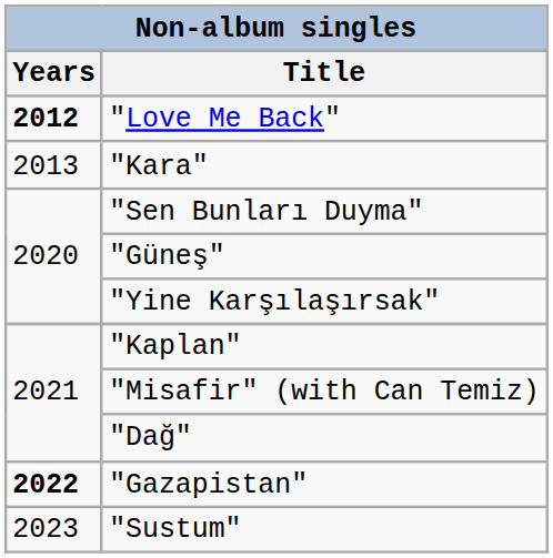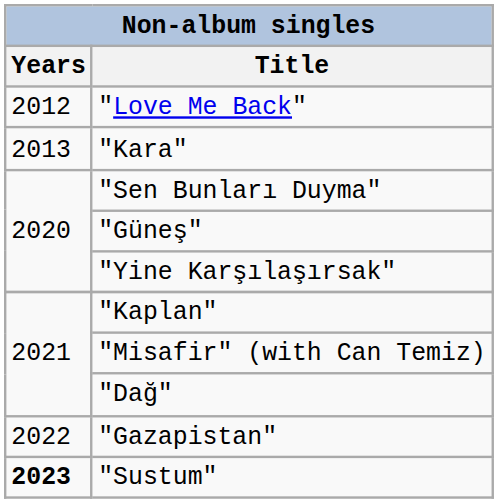 <table class="wikitable" style="font-size:80%">
 <tr>
 <th colspan="2" style="background:LightSteelBlue">Non-album singles</th>
 </tr>
 <tr>
 <th>Years</th>
 <th>Title</th>
 </tr>
 <tr>
-<td><strong>2012</strong></td>
+<td>2012</td>
 <td>"<a href='#'>Love Me Back</a>"</td>
 </tr>
 <tr>
 <td>2013</td>
 <td>"Kara"</td>
 </tr>
 <tr>
 <td rowspan="3">2020</td>
 <td>"Sen Bunları Duyma"</td>
 </tr>
 <tr>
 <td>"Güneş"</td>
 </tr>
 <tr>
 <td>"Yine Karşılaşırsak"</td>
 </tr>
 <tr>
 </tr>
 <tr>
 <td rowspan="3">2021</td>
 <td>"Kaplan"</td>
 </tr>
 <tr>
 <td>"Misafir" (with Can Temiz)</td>
 </tr>
 <tr>
 <td>"Dağ"</td>
 </tr>
 <tr>
-<td><strong>2022</strong></td>
+<td>2022</td>
 <td>"Gazapistan"</td>
 </tr>
 <tr>
-<td>2023</td>
+<td><strong>2023</strong></td>
 <td>"Sustum"</td>
 </tr>
 </table>
